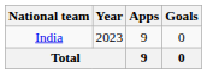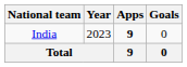 <table class="wikitable" style="text-align: center;">
 <tr>
 <th>National team</th>
 <th>Year</th>
 <th>Apps</th>
 <th>Goals</th>
 </tr>
 <tr>
 <td rowspan="1"><a href='#'>India</a></td>
 <td>2023</td>
-<td>9</td>
+<td><strong>9</strong></td>
 <td>0</td>
 </tr>
 <tr>
 <th colspan="2">Total</th>
 <th>9</th>
 <th>0</th>
 </tr>
 </table>
